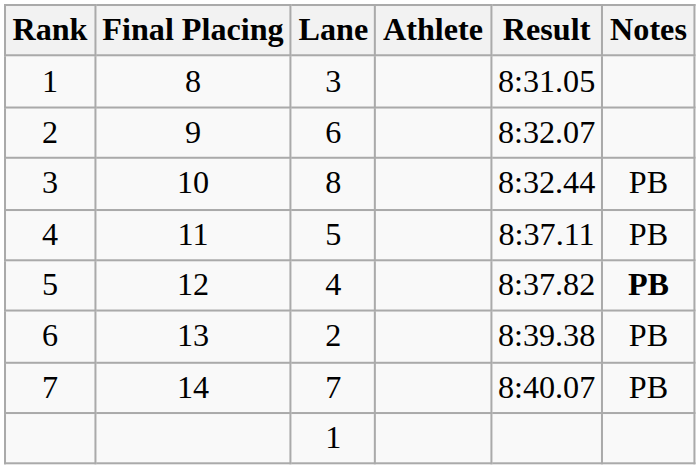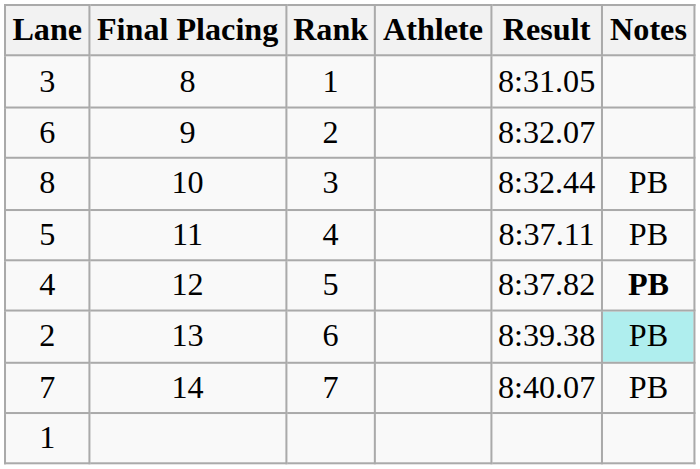 <table class="wikitable sortable" style="text-align:center">
 <tr>
+<th>Lane</th>
+<th>Final Placing</th>
 <th>Rank</th>
-<th>Final Placing</th>
-<th>Lane</th>
 <th>Athlete</th>
 <th>Result</th>
 <th>Notes</th>
 </tr>
 <tr>
+<td>3</td>
+<td>8</td>
 <td>1</td>
-<td>8</td>
-<td>3</td>
 <td align=left></td>
 <td>8:31.05</td>
 <td></td>
 </tr>
 <tr>
+<td>6</td>
+<td>9</td>
 <td>2</td>
-<td>9</td>
-<td>6</td>
 <td align=left></td>
 <td>8:32.07</td>
 <td></td>
 </tr>
 <tr>
+<td>8</td>
+<td>10</td>
 <td>3</td>
-<td>10</td>
-<td>8</td>
 <td align=left></td>
 <td>8:32.44</td>
 <td>PB</td>
 </tr>
 <tr>
+<td>5</td>
+<td>11</td>
 <td>4</td>
-<td>11</td>
-<td>5</td>
 <td align=left></td>
 <td>8:37.11</td>
 <td>PB</td>
 </tr>
 <tr>
+<td>4</td>
+<td>12</td>
 <td>5</td>
-<td>12</td>
-<td>4</td>
 <td align=left></td>
 <td>8:37.82</td>
 <td><strong>PB</strong></td>
 </tr>
 <tr>
+<td>2</td>
+<td>13</td>
 <td>6</td>
-<td>13</td>
-<td>2</td>
 <td align=left></td>
 <td>8:39.38</td>
-<td>PB</td>
+<td style="background: paleturquoise;">PB</td>
 </tr>
 <tr>
 <td>7</td>
 <td>14</td>
 <td>7</td>
 <td align=left></td>
 <td>8:40.07</td>
 <td>PB</td>
 </tr>
 <tr>
+<td>1</td>
 <td></td>
 <td></td>
-<td>1</td>
 <td align=left></td>
 <td></td>
 <td></td>
 </tr>
 </table>
